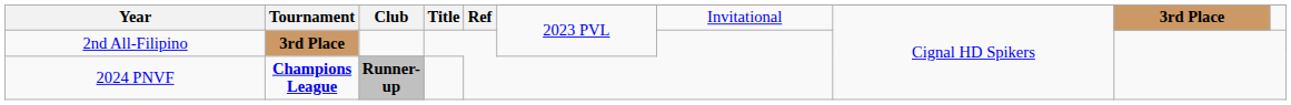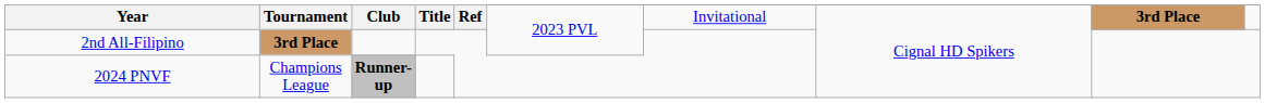 <table class="wikitable sortable" style="text-align:center" width="80%">
 <tr>
 <th style="width:250px;" rowspan="2">Year</th>
 <th style="width:25px;" rowspan="2">Tournament</th>
 <th style="width:25px;" rowspan="2">Club</th>
 <th style="width:25px;" rowspan="2">Title</th>
 <th style="width:25px;" rowspan="2">Ref</th>
 </tr>
 <tr>
 <td rowspan=2><a href='#'>2023 PVL</a></td>
 <td><a href='#'>Invitational</a></td>
 <td rowspan="3"><a href='#'>Cignal HD Spikers</a></td>
 <td style="background:#c96;"><strong>3rd Place</strong></td>
 <td></td>
 </tr>
 <tr>
 <td><a href='#'>2nd All-Filipino</a></td>
 <td style="background:#c96;"><strong>3rd Place</strong></td>
 <td></td>
 </tr>
 <tr>
 <td><a href='#'>2024 PNVF</a></td>
-<td><strong><a href='#'>Champions League</a></strong></td>
+<td><a href='#'>Champions League</a></td>
 <td style="background:silver;"><strong>Runner-up</strong></td>
 <td></td>
 </tr>
 </table>
